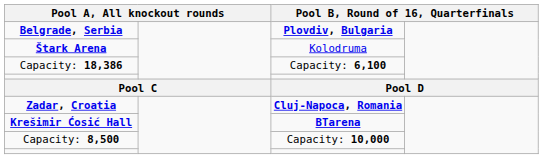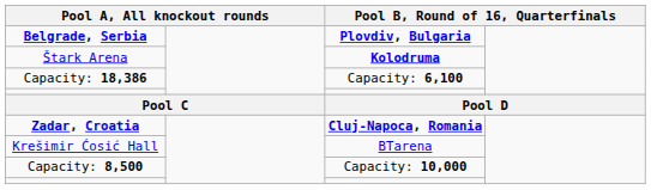 <table class="wikitable" style="text-align: center;">
 <tr>
 <th colspan="2" style="width: 50%;">Pool A, All knockout rounds</th>
 <th colspan="2" style="width: 50%;">Pool B, Round of 16, Quarterfinals</th>
 </tr>
 <tr>
 <td><strong> <a href='#'>Belgrade</a>, <a href='#'>Serbia</a></strong></td>
 <td rowspan="4"></td>
 <td><strong> <a href='#'>Plovdiv</a>, <a href='#'>Bulgaria</a></strong></td>
 <td rowspan="4"></td>
 </tr>
 <tr>
-<td><strong><a href='#'>Štark Arena</a></strong></td>
-<td><a href='#'>Kolodruma</a></td>
+<td><a href='#'>Štark Arena</a></td>
+<td><strong><a href='#'>Kolodruma</a></strong></td>
 </tr>
 <tr>
 <td>Capacity: <strong>18,386</strong></td>
 <td>Capacity: <strong>6,100</strong></td>
 </tr>
 <tr>
 <td></td>
 <td></td>
 </tr>
 <tr>
 <th colspan="2" style="width: 50%;">Pool C</th>
 <th colspan="2" style="width: 50%;">Pool D</th>
 </tr>
 <tr>
 <td style="width: 25%;"><strong> <a href='#'>Zadar</a>, <a href='#'>Croatia</a></strong></td>
 <td rowspan="4" style="width: 25%;"></td>
 <td style="width: 25%;"><strong> <a href='#'>Cluj-Napoca</a>, <a href='#'>Romania</a></strong></td>
 <td rowspan="4" style="width: 25%;"></td>
 </tr>
 <tr>
-<td><strong><a href='#'>Krešimir Ćosić Hall</a></strong></td>
-<td><strong><a href='#'>BTarena</a></strong></td>
+<td><a href='#'>Krešimir Ćosić Hall</a></td>
+<td><a href='#'>BTarena</a></td>
 </tr>
 <tr>
 <td>Capacity: <strong>8,500</strong></td>
 <td>Capacity: <strong>10,000</strong></td>
 </tr>
 <tr>
 <td></td>
 <td></td>
 </tr>
 </table>
